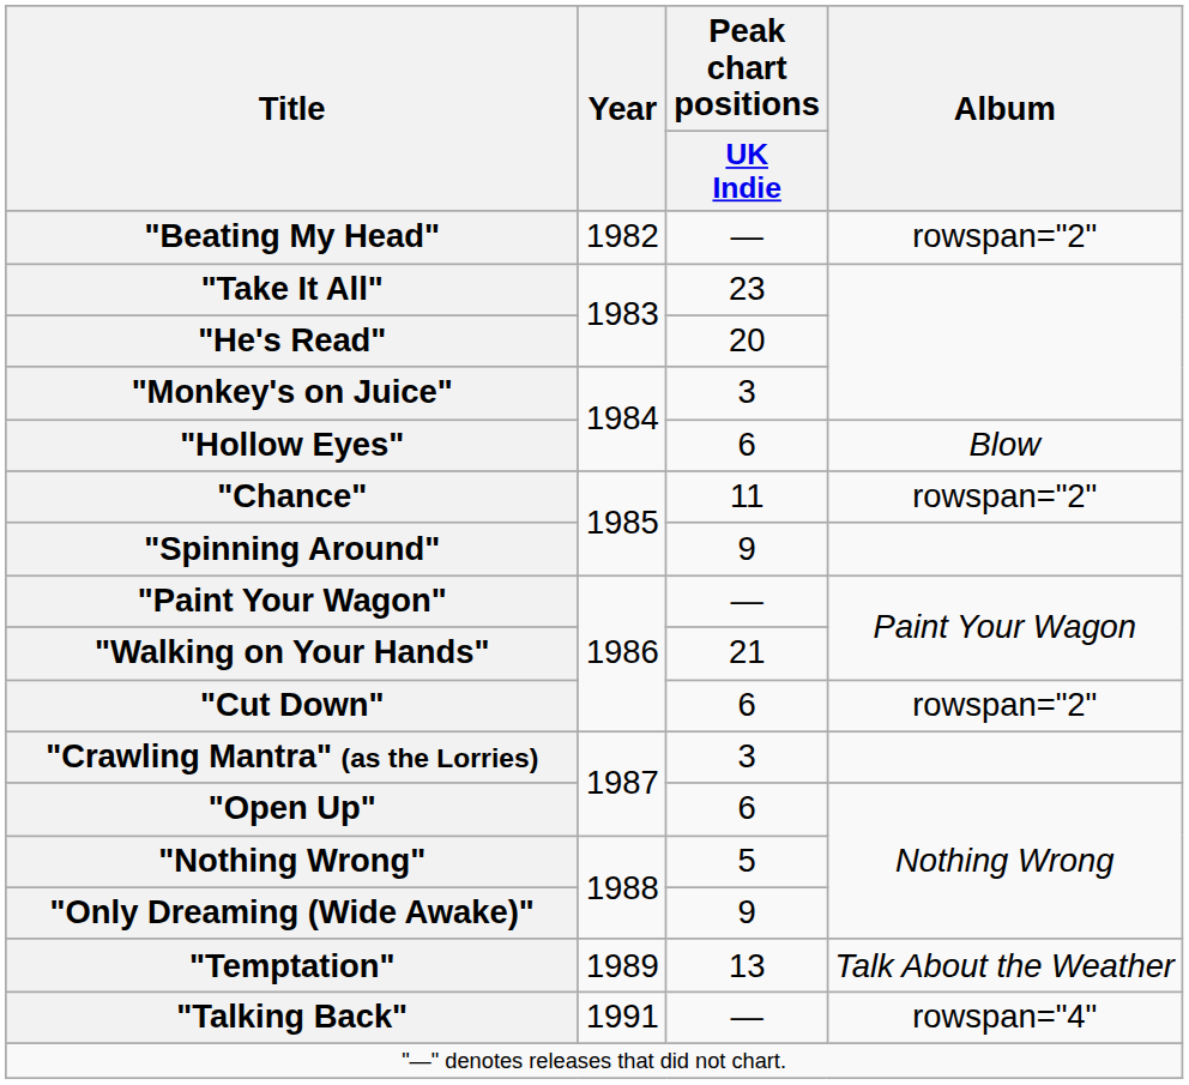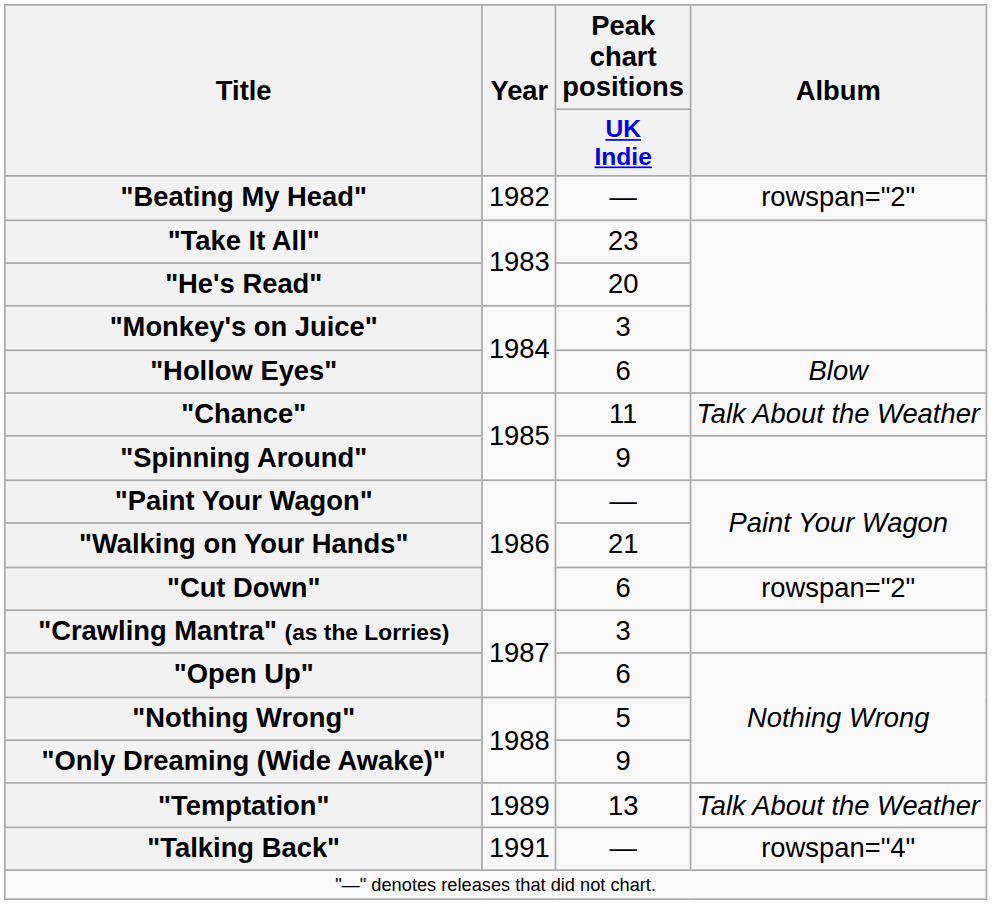 <table class="wikitable plainrowheaders" style="text-align:center;">
 <tr>
 <th rowspan="2" scope="col" style="width:17em;">Title</th>
 <th rowspan="2" scope="col" style="width:2em;">Year</th>
 <th>Peak chart positions</th>
 <th rowspan="2">Album</th>
 </tr>
 <tr>
 <th scope="col" style="width:2em;font-size:90%;"><a href='#'>UK<br>Indie</a><br></th>
 </tr>
 <tr>
 <th scope="row">"Beating My Head"</th>
 <td>1982</td>
 <td>—</td>
 <td>rowspan="2" </td>
 </tr>
 <tr>
 <th scope="row">"Take It All"</th>
 <td rowspan="2">1983</td>
 <td>23</td>
 </tr>
 <tr>
 <th scope="row">"He's Read"</th>
 <td>20</td>
 </tr>
 <tr>
 <th scope="row">"Monkey's on Juice"</th>
 <td rowspan="2">1984</td>
 <td>3</td>
 </tr>
 <tr>
 <th scope="row">"Hollow Eyes"</th>
 <td>6</td>
 <td><em>Blow</em></td>
 </tr>
 <tr>
 <th scope="row">"Chance"</th>
 <td rowspan="2">1985</td>
 <td>11</td>
-<td>rowspan="2" </td>
+<td><em>Talk About the Weather</em></td>
 </tr>
 <tr>
 <th scope="row">"Spinning Around"</th>
 <td>9</td>
 </tr>
 <tr>
 <th scope="row">"Paint Your Wagon"</th>
 <td rowspan="3">1986</td>
 <td>—</td>
 <td rowspan="2"><em>Paint Your Wagon</em></td>
 </tr>
 <tr>
 <th scope="row">"Walking on Your Hands"</th>
 <td>21</td>
 </tr>
 <tr>
 <th scope="row">"Cut Down"</th>
 <td>6</td>
 <td>rowspan="2" </td>
 </tr>
 <tr>
 <th scope="row">"Crawling Mantra" <small>(as the Lorries)</small></th>
 <td rowspan="2">1987</td>
 <td>3</td>
 </tr>
 <tr>
 <th scope="row">"Open Up"</th>
 <td>6</td>
 <td rowspan="3"><em>Nothing Wrong</em></td>
 </tr>
 <tr>
 <th scope="row">"Nothing Wrong"</th>
 <td rowspan="2">1988</td>
 <td>5</td>
 </tr>
 <tr>
 <th scope="row">"Only Dreaming (Wide Awake)"</th>
 <td>9</td>
 </tr>
 <tr>
 <th scope="row">"Temptation"</th>
 <td>1989</td>
 <td>13</td>
 <td><em>Talk About the Weather</em></td>
 </tr>
 <tr>
 <th scope="row">"Talking Back"</th>
 <td>1991</td>
 <td>—</td>
 <td>rowspan="4" </td>
 </tr>
 <tr>
 <td colspan="4" style="font-size:8pt">"—" denotes releases that did not chart.</td>
 </tr>
 </table>
